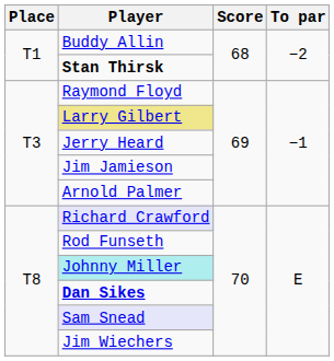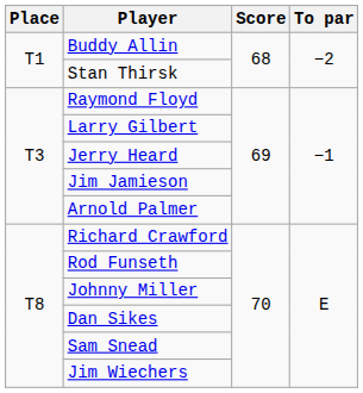 <table class=wikitable>
 <tr>
 <th>Place</th>
 <th>Player</th>
 <th>Score</th>
 <th>To par</th>
 </tr>
 <tr>
 <td rowspan=2 align=center>T1</td>
 <td> <a href='#'>Buddy Allin</a></td>
 <td rowspan=2 align=center>68</td>
 <td rowspan=2 align=center>−2</td>
 </tr>
 <tr>
-<td><strong> Stan Thirsk</strong></td>
+<td> Stan Thirsk</td>
 </tr>
 <tr>
 <td rowspan=5 align=center>T3</td>
 <td> <a href='#'>Raymond Floyd</a></td>
 <td rowspan=5 align=center>69</td>
 <td rowspan=5 align=center>−1</td>
 </tr>
 <tr>
-<td style="background: khaki;"> <a href='#'>Larry Gilbert</a></td>
+<td> <a href='#'>Larry Gilbert</a></td>
 </tr>
 <tr>
 <td> <a href='#'>Jerry Heard</a></td>
 </tr>
 <tr>
 <td> <a href='#'>Jim Jamieson</a></td>
 </tr>
 <tr>
 <td> <a href='#'>Arnold Palmer</a></td>
 </tr>
 <tr>
 <td rowspan=6 align=center>T8</td>
-<td style="background: lavender;"> <a href='#'>Richard Crawford</a></td>
+<td> <a href='#'>Richard Crawford</a></td>
 <td rowspan=6 align=center>70</td>
 <td rowspan=6 align=center>E</td>
 </tr>
 <tr>
 <td> <a href='#'>Rod Funseth</a></td>
 </tr>
 <tr>
-<td style="background: paleturquoise;"> <a href='#'>Johnny Miller</a></td>
+<td> <a href='#'>Johnny Miller</a></td>
 </tr>
 <tr>
-<td><strong> <a href='#'>Dan Sikes</a></strong></td>
+<td> <a href='#'>Dan Sikes</a></td>
 </tr>
 <tr>
-<td style="background: lavender;"> <a href='#'>Sam Snead</a></td>
+<td> <a href='#'>Sam Snead</a></td>
 </tr>
 <tr>
 <td> <a href='#'>Jim Wiechers</a></td>
 </tr>
 </table>
